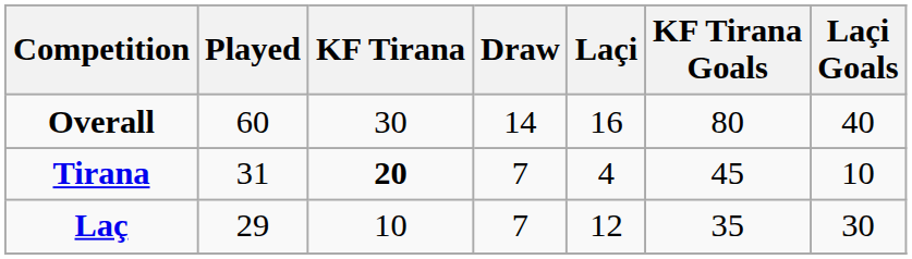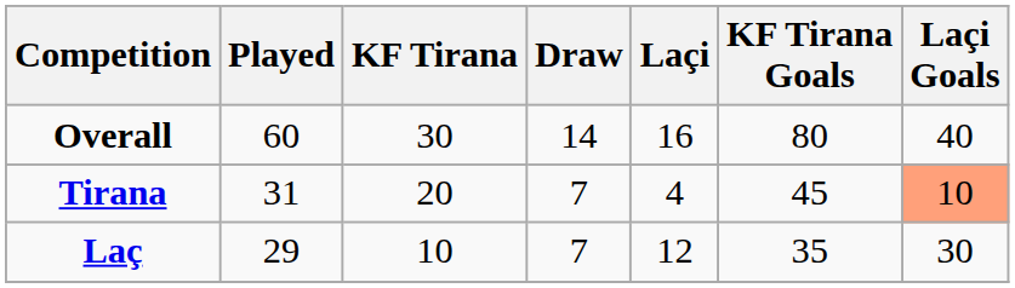 <table class=wikitable style="text-align:center">
 <tr>
 <th>Competition</th>
 <th>Played</th>
 <th>KF Tirana</th>
 <th>Draw</th>
 <th>Laçi</th>
 <th>KF Tirana <br> Goals</th>
 <th>Laçi <br> Goals</th>
 </tr>
 <tr>
 <td><strong>Overall</strong></td>
 <td>60</td>
 <td>30</td>
 <td>14</td>
 <td>16</td>
 <td>80</td>
 <td>40</td>
 </tr>
 <tr>
 <td><strong><a href='#'>Tirana</a></strong></td>
 <td>31</td>
-<td><strong>20</strong></td>
+<td>20</td>
 <td>7</td>
 <td>4</td>
 <td>45</td>
-<td>10</td>
+<td style="background: lightsalmon;">10</td>
 </tr>
 <tr>
 <td><strong><a href='#'>Laç</a></strong></td>
 <td>29</td>
 <td>10</td>
 <td>7</td>
 <td>12</td>
 <td>35</td>
 <td>30</td>
 </tr>
 <tr>
 </tr>
 </table>
